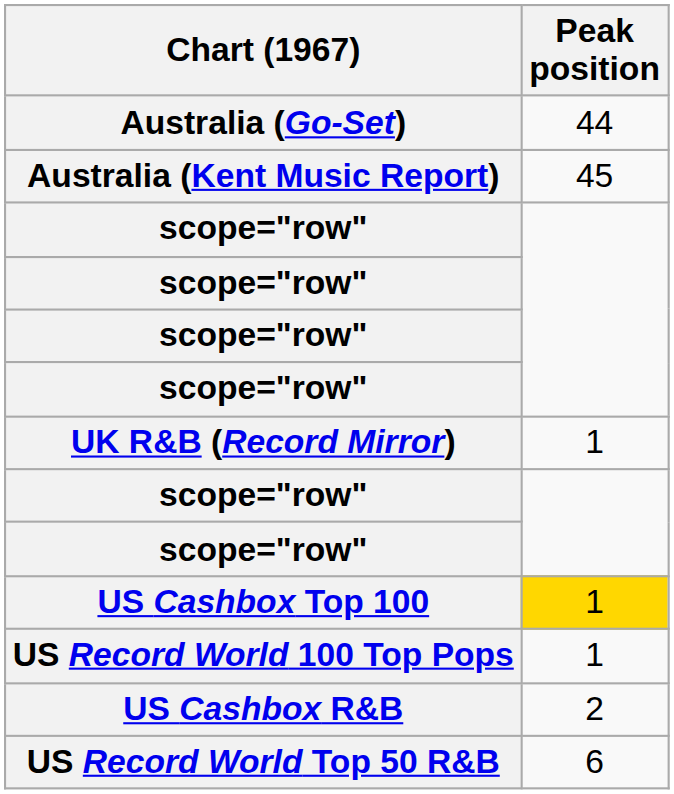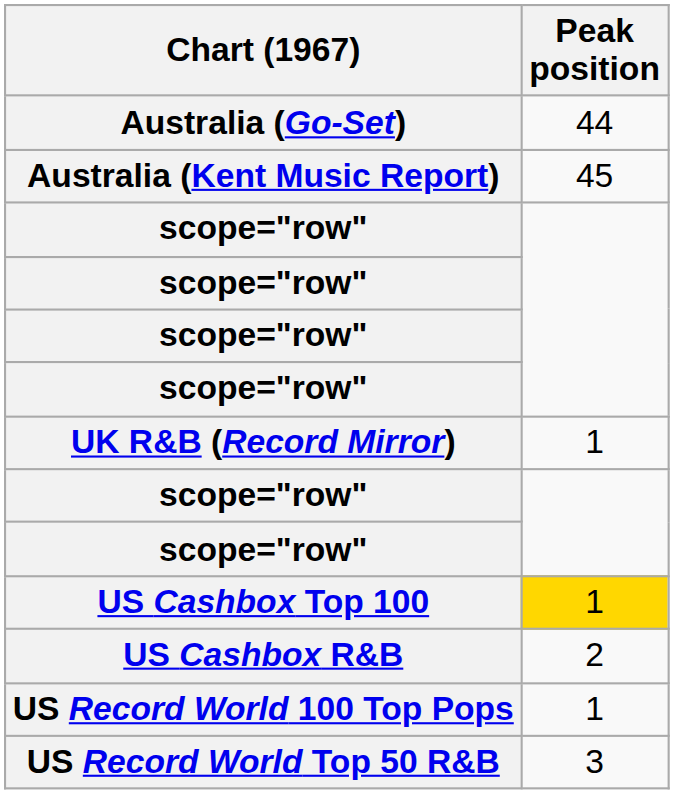 <table class="wikitable sortable plainrowheaders">
 <tr>
 <th scope="col">Chart (1967)</th>
 <th scope="col">Peak<br>position</th>
 </tr>
 <tr>
 <th scope="row">Australia (<em><a href='#'>Go-Set</a></em>)</th>
 <td align="center">44</td>
 </tr>
 <tr>
 <th scope="row">Australia (<a href='#'>Kent Music Report</a>)</th>
 <td align="center">45</td>
 </tr>
 <tr>
 <th>scope="row" </th>
 </tr>
 <tr>
 <th>scope="row" </th>
 </tr>
 <tr>
 <th>scope="row" </th>
 </tr>
 <tr>
 <th>scope="row" </th>
 </tr>
 <tr>
 <th scope="row"><a href='#'>UK R&B</a> (<em><a href='#'>Record Mirror</a></em>)</th>
 <td align="center">1</td>
 </tr>
 <tr>
 <th>scope="row" </th>
 </tr>
 <tr>
 <th>scope="row" </th>
 </tr>
 <tr>
 <th scope="row"><a href='#'>US <em>Cashbox</em> Top 100</a></th>
 <td style="background: gold; text-align:center;">1</td>
 </tr>
 <tr>
+<th scope="row"><a href='#'>US <em>Cashbox</em> R&B</a></th>
+<td style="text-align:center;">2</td>
+</tr>
+<tr>
 <th scope="row">US <a href='#'><em>Record World</em> 100 Top Pops</a></th>
 <td style="text-align:center;">1</td>
 </tr>
 <tr>
-<th scope="row"><a href='#'>US <em>Cashbox</em> R&B</a></th>
-<td style="text-align:center;">2</td>
-</tr>
-<tr>
 <th scope="row">US <a href='#'><em>Record World</em> Top 50 R&B</a></th>
-<td style="text-align:center;">6</td>
+<td style="text-align:center;">3</td>
 </tr>
 </table>
